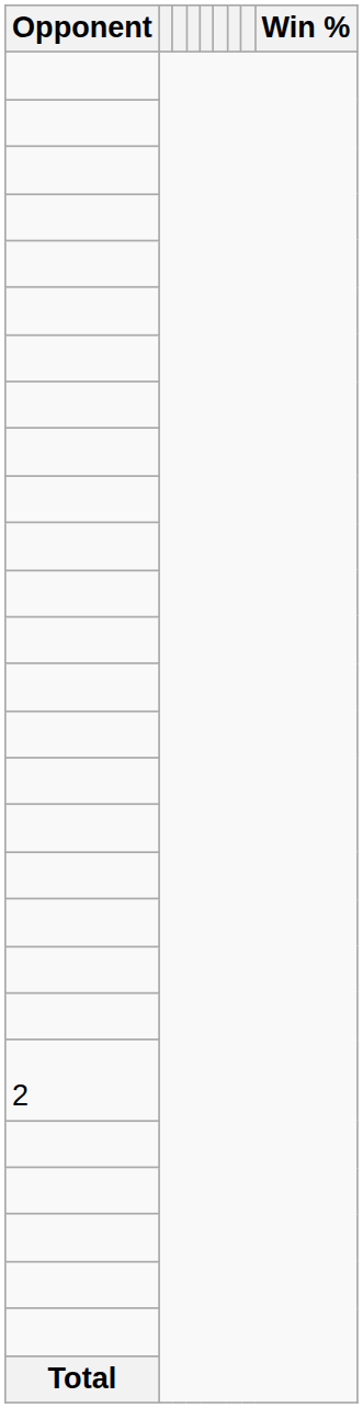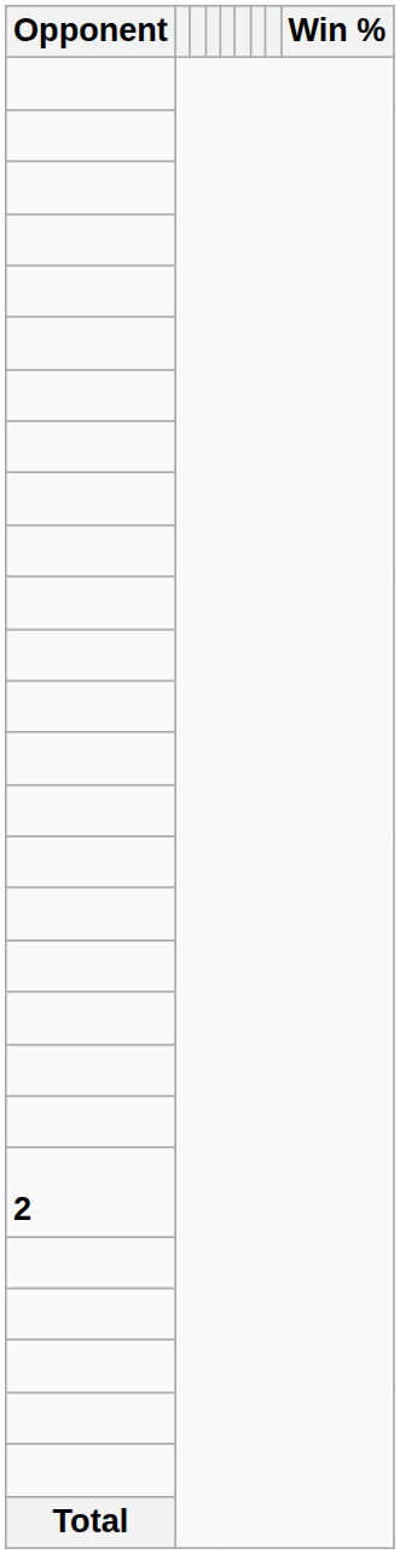 <table class="wikitable sortable collapsible collapsed" style="text-align: center;">
 <tr>
 <th>Opponent</th>
 <th></th>
 <th></th>
 <th></th>
 <th></th>
 <th></th>
 <th></th>
 <th></th>
 <th>Win %</th>
 </tr>
 <tr>
 <td align="left"><br></td>
 </tr>
 <tr>
 <td align="left"><br></td>
 </tr>
 <tr>
 <td align="left"><br></td>
 </tr>
 <tr>
 <td align="left"><br></td>
 </tr>
 <tr>
 <td align="left"><br></td>
 </tr>
 <tr>
 <td align="left"><br></td>
 </tr>
 <tr>
 <td align="left"><br></td>
 </tr>
 <tr>
 <td align="left"><br></td>
 </tr>
 <tr>
 <td align="left"><br></td>
 </tr>
 <tr>
 <td align="left"><br></td>
 </tr>
 <tr>
 <td align="left"><br></td>
 </tr>
 <tr>
 <td align="left"><br></td>
 </tr>
 <tr>
 <td align="left"><br></td>
 </tr>
 <tr>
 <td align="left"><br></td>
 </tr>
 <tr>
 <td align="left"><br></td>
 </tr>
 <tr>
 <td align="left"><br></td>
 </tr>
 <tr>
 <td align="left"><br></td>
 </tr>
 <tr>
 <td align="left"><br></td>
 </tr>
 <tr>
 <td align="left"><br></td>
 </tr>
 <tr>
 <td align="left"><br></td>
 </tr>
 <tr>
 <td align="left"><br></td>
 </tr>
 <tr>
-<td align="left"><br>2</td>
+<td align="left"><strong><br>2</strong></td>
 </tr>
 <tr>
 <td align="left"><br></td>
 </tr>
 <tr>
 <td align="left"><br></td>
 </tr>
 <tr>
 <td align="left"><br></td>
 </tr>
 <tr>
 <td align="left"><br></td>
 </tr>
 <tr>
 <td align="left"><br></td>
 </tr>
 <tr class="sortbottom">
 <th>Total<br></th>
 </tr>
 </table>
